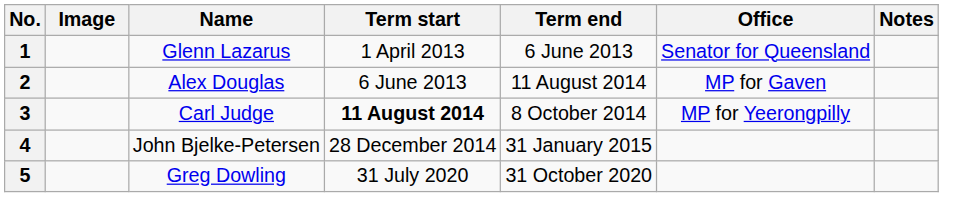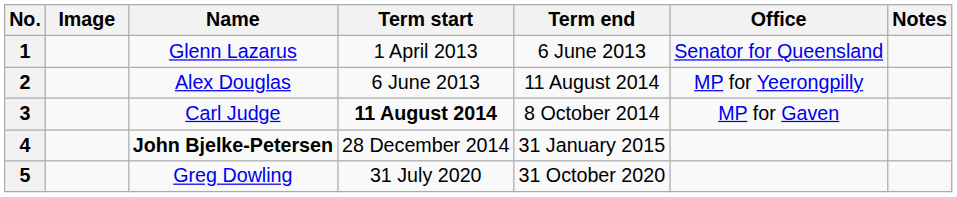 <table class="wikitable" style="text-align:center">
 <tr>
 <th>No.</th>
 <th width=60>Image</th>
 <th>Name</th>
 <th>Term start</th>
 <th>Term end</th>
 <th>Office</th>
 <th>Notes</th>
 </tr>
 <tr>
 <th style="background:">1</th>
 <td></td>
 <td><a href='#'>Glenn Lazarus</a> <br> </td>
 <td>1 April 2013</td>
 <td>6 June 2013</td>
 <td><a href='#'>Senator for Queensland</a><br> </td>
 <td></td>
 </tr>
 <tr>
 <th style="background:">2</th>
 <td></td>
 <td><a href='#'>Alex Douglas</a> <br> </td>
 <td>6 June 2013</td>
 <td>11 August 2014</td>
-<td><a href='#'>MP</a> for <a href='#'>Gaven</a> <br> </td>
+<td><a href='#'>MP</a> for <a href='#'>Yeerongpilly</a> <br> </td>
 <td></td>
 </tr>
 <tr>
 <th style="background:">3</th>
 <td></td>
 <td><a href='#'>Carl Judge</a> <br> </td>
 <td><strong>11 August 2014</strong></td>
 <td>8 October 2014</td>
-<td><a href='#'>MP</a> for <a href='#'>Yeerongpilly</a> <br> </td>
+<td><a href='#'>MP</a> for <a href='#'>Gaven</a> <br> </td>
 <td></td>
 </tr>
 <tr>
 <th style="background:">4</th>
 <td></td>
-<td>John Bjelke-Petersen</td>
+<td><strong>John Bjelke-Petersen</strong></td>
 <td>28 December 2014</td>
 <td>31 January 2015</td>
 <td></td>
 <td></td>
 </tr>
 <tr>
 <th style="background:">5</th>
 <td></td>
 <td><a href='#'>Greg Dowling</a></td>
 <td>31 July 2020</td>
 <td>31 October 2020</td>
 <td></td>
 <td></td>
 </tr>
 </table>
